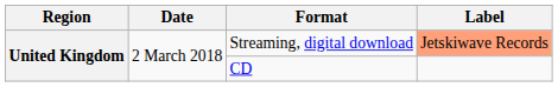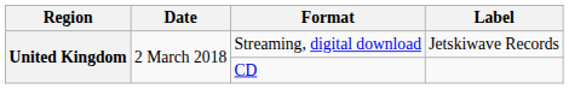 <table class="wikitable plainrowheaders">
 <tr>
 <th scope="col">Region</th>
 <th scope="col">Date</th>
 <th scope="col">Format</th>
 <th scope="col">Label</th>
 </tr>
 <tr>
 <th scope="row" rowspan="2">United Kingdom</th>
 <td rowspan="2">2 March 2018</td>
 <td>Streaming, <a href='#'>digital download</a></td>
-<td style="background: lightsalmon;">Jetskiwave Records</td>
+<td>Jetskiwave Records</td>
 </tr>
 <tr>
 <td><a href='#'>CD</a></td>
 <td></td>
 </tr>
 </table>
